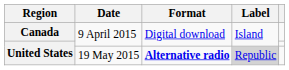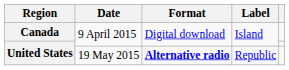 <table class="wikitable plainrowheaders">
 <tr>
 <th scope="col">Region</th>
 <th scope="col">Date</th>
 <th scope="col">Format</th>
 <th scope="col">Label</th>
 <th scope="col"></th>
 </tr>
 <tr>
 <th scope="row">Canada</th>
 <td rowspan="2">9 April 2015</td>
 <td rowspan="2"><a href='#'>Digital download</a></td>
 <td rowspan="2"><a href='#'>Island</a></td>
 <td align="center"></td>
 </tr>
 <tr>
 <th rowspan="2" scope="row">United States</th>
 <td align="center"></td>
 </tr>
 <tr>
 <td>19 May 2015</td>
 <td><strong><a href='#'>Alternative radio</a></strong></td>
-<td style="background: lightgrey;"><a href='#'>Republic</a></td>
+<td><a href='#'>Republic</a></td>
 <td align="center"></td>
 </tr>
 </table>
